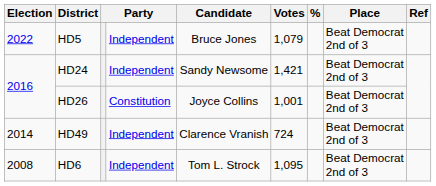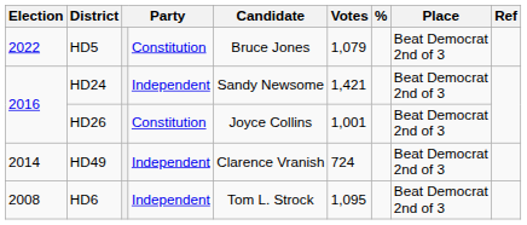 <table class="wikitable sortable">
 <tr>
 <th>Election</th>
 <th>District</th>
 <th colspan=2>Party</th>
 <th>Candidate</th>
 <th>Votes</th>
 <th>%</th>
 <th>Place</th>
 <th>Ref</th>
 </tr>
 <tr>
 <td><a href='#'>2022</a></td>
 <td>HD5</td>
 <th style="background-color:"></th>
-<td><a href='#'>Independent</a></td>
+<td><a href='#'>Constitution</a></td>
 <td align="center">Bruce Jones</td>
 <td>1,079</td>
 <td></td>
 <td>Beat Democrat<br>2nd of 3</td>
 <td></td>
 </tr>
 <tr>
 <td rowspan=2><a href='#'>2016</a></td>
 <td>HD24</td>
 <th style="background-color:"></th>
 <td><a href='#'>Independent</a></td>
 <td align="center">Sandy Newsome</td>
 <td>1,421</td>
 <td></td>
 <td>Beat Democrat<br>2nd of 3</td>
 <td rowspan=2></td>
 </tr>
 <tr>
 <td>HD26</td>
 <th style="background-color:"></th>
 <td><a href='#'>Constitution</a></td>
 <td align="center">Joyce Collins</td>
 <td>1,001</td>
 <td></td>
 <td>Beat Democrat<br>2nd of 3</td>
 </tr>
 <tr>
 <td>2014</td>
 <td>HD49</td>
 <th style="background-color:"></th>
 <td><a href='#'>Independent</a></td>
 <td align="center">Clarence Vranish</td>
 <td>724</td>
 <td></td>
 <td>Beat Democrat<br>2nd of 3</td>
 <td></td>
 </tr>
 <tr>
 <td>2008</td>
 <td>HD6</td>
 <th style="background-color:"></th>
 <td><a href='#'>Independent</a></td>
 <td align="center">Tom L. Strock</td>
 <td>1,095</td>
 <td></td>
 <td>Beat Democrat<br>2nd of 3</td>
 <td></td>
 </tr>
 </table>
